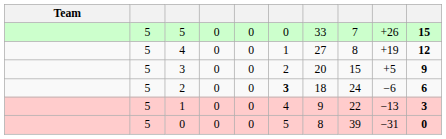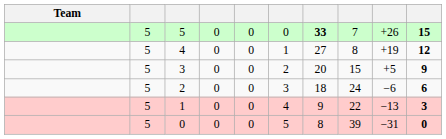 <table class="wikitable" style="text-align:center;">
 <tr>
 <th width=165>Team</th>
 <th width=40></th>
 <th width=40></th>
 <th width=40></th>
 <th width=40></th>
 <th width=40></th>
 <th width=40></th>
 <th width=40></th>
 <th width=40></th>
 <th width=40></th>
 </tr>
 <tr bgcolor=ccffcc>
 <td align=left></td>
 <td>5</td>
 <td>5</td>
 <td>0</td>
 <td>0</td>
 <td>0</td>
-<td>33</td>
+<td><strong>33</strong></td>
 <td>7</td>
 <td>+26</td>
 <td><strong>15</strong></td>
 </tr>
 <tr>
 <td align=left></td>
 <td>5</td>
 <td>4</td>
 <td>0</td>
 <td>0</td>
 <td>1</td>
 <td>27</td>
 <td>8</td>
 <td>+19</td>
 <td><strong>12</strong></td>
 </tr>
 <tr>
 <td align=left></td>
 <td>5</td>
 <td>3</td>
 <td>0</td>
 <td>0</td>
 <td>2</td>
 <td>20</td>
 <td>15</td>
 <td>+5</td>
 <td><strong>9</strong></td>
 </tr>
 <tr>
 <td align=left></td>
 <td>5</td>
 <td>2</td>
 <td>0</td>
 <td>0</td>
-<td><strong>3</strong></td>
+<td>3</td>
 <td>18</td>
 <td>24</td>
 <td>−6</td>
 <td><strong>6</strong></td>
 </tr>
 <tr bgcolor="#ffcccc">
 <td align=left></td>
 <td>5</td>
 <td>1</td>
 <td>0</td>
 <td>0</td>
 <td>4</td>
 <td>9</td>
 <td>22</td>
 <td>−13</td>
 <td><strong>3</strong></td>
 </tr>
 <tr bgcolor="#ffcccc">
 <td align=left></td>
 <td>5</td>
 <td>0</td>
 <td>0</td>
 <td>0</td>
 <td>5</td>
 <td>8</td>
 <td>39</td>
 <td>−31</td>
 <td><strong>0</strong></td>
 </tr>
 </table>
